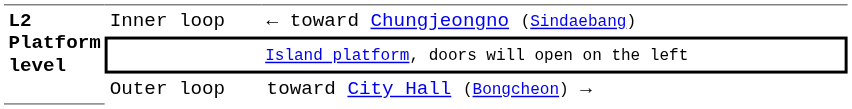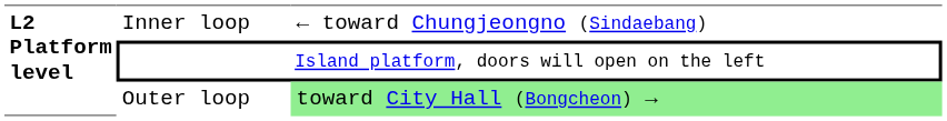 <table table border=0 cellspacing=0 cellpadding=3>
 <tr>
 <td style="border-top:solid 1px gray;border-bottom:solid 1px gray;" width=50 rowspan=10 valign=top><strong>L2<br>Platform level</strong></td>
 <td style="border-bottom:solid 0px gray;border-top:solid 1px gray;" width=100>Inner loop</td>
 <td style="border-bottom:solid 0px gray;border-top:solid 1px gray;" width=390>←  toward <a href='#'>Chungjeongno</a> <small>(<a href='#'>Sindaebang</a>)</small></td>
 </tr>
 <tr>
 <td style="border-top:solid 2px black;border-right:solid 2px black;border-left:solid 2px black;border-bottom:solid 2px black;text-align:center;" colspan=2><small><a href='#'>Island platform</a>, doors will open on the left </small></td>
 </tr>
 <tr>
 <td>Outer loop</td>
-<td>  toward <a href='#'>City Hall</a> <small>(<a href='#'>Bongcheon</a>)</small> →</td>
+<td style="background: lightgreen;">  toward <a href='#'>City Hall</a> <small>(<a href='#'>Bongcheon</a>)</small> →</td>
 </tr>
 </table>
